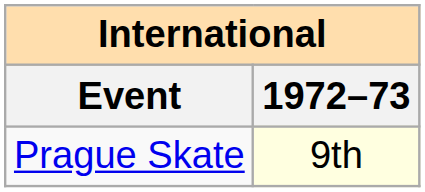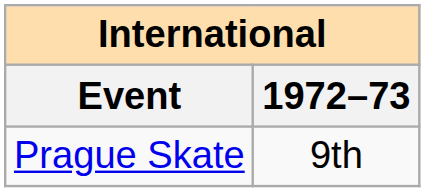 <table class="wikitable" style="text-align:center">
 <tr>
 <th style="background-color: #ffdead; " colspan=2 align=center>International</th>
 </tr>
 <tr>
 <th>Event</th>
 <th>1972–73</th>
 </tr>
 <tr>
 <td align=left><a href='#'>Prague Skate</a></td>
-<td style="background: lightyellow;">9th</td>
+<td>9th</td>
 </tr>
 </table>
